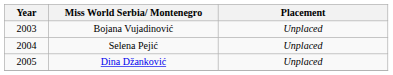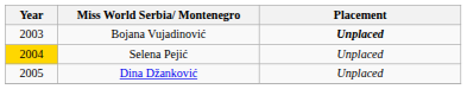 <table class="wikitable sortable" style="font-size: 95%; text-align:center">
 <tr>
 <th width="60">Year</th>
 <th width="250">Miss World Serbia/ Montenegro</th>
 <th width="250">Placement</th>
 </tr>
 <tr>
 <td>2003</td>
 <td>Bojana Vujadinović</td>
-<td><em>Unplaced</em></td>
+<td><strong><em>Unplaced</em></strong></td>
 </tr>
 <tr>
-<td>2004</td>
+<td style="background: gold;">2004</td>
 <td>Selena Pejić</td>
 <td><em>Unplaced</em></td>
 </tr>
 <tr>
 <td>2005</td>
 <td><a href='#'>Dina Džanković</a></td>
 <td><em>Unplaced</em></td>
 </tr>
 <tr>
 </tr>
 </table>
